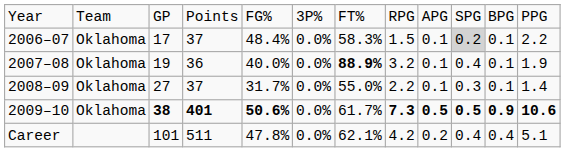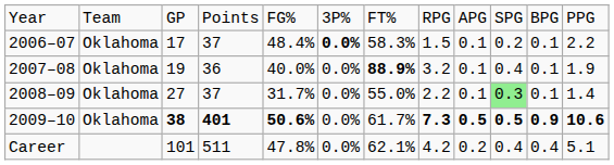 <table class="wikitable">
 <tr>
 <td>Year</td>
 <td>Team</td>
 <td>GP</td>
 <td>Points</td>
 <td>FG%</td>
 <td>3P%</td>
 <td>FT%</td>
 <td>RPG</td>
 <td>APG</td>
 <td>SPG</td>
 <td>BPG</td>
 <td>PPG</td>
 </tr>
 <tr>
 <td>2006–07</td>
 <td>Oklahoma</td>
 <td>17</td>
 <td>37</td>
 <td>48.4%</td>
-<td>0.0%</td>
+<td><strong>0.0%</strong></td>
 <td>58.3%</td>
 <td>1.5</td>
 <td>0.1</td>
-<td style="background: lightgrey;">0.2</td>
+<td>0.2</td>
 <td>0.1</td>
 <td>2.2</td>
 </tr>
 <tr>
 <td>2007–08</td>
 <td>Oklahoma</td>
 <td>19</td>
 <td>36</td>
 <td>40.0%</td>
 <td>0.0%</td>
 <td><strong>88.9%</strong></td>
 <td>3.2</td>
 <td>0.1</td>
 <td>0.4</td>
 <td>0.1</td>
 <td>1.9</td>
 </tr>
 <tr>
 <td>2008–09</td>
 <td>Oklahoma</td>
 <td>27</td>
 <td>37</td>
 <td>31.7%</td>
 <td>0.0%</td>
 <td>55.0%</td>
 <td>2.2</td>
 <td>0.1</td>
-<td>0.3</td>
+<td style="background: lightgreen;">0.3</td>
 <td>0.1</td>
 <td>1.4</td>
 </tr>
 <tr>
 <td>2009–10</td>
 <td>Oklahoma</td>
 <td><strong>38</strong></td>
 <td><strong>401</strong></td>
 <td><strong>50.6%</strong></td>
 <td>0.0%</td>
 <td>61.7%</td>
 <td><strong>7.3</strong></td>
 <td><strong>0.5</strong></td>
 <td><strong>0.5</strong></td>
 <td><strong>0.9</strong></td>
 <td><strong>10.6</strong></td>
 </tr>
 <tr>
 <td>Career</td>
 <td></td>
 <td>101</td>
 <td>511</td>
 <td>47.8%</td>
 <td>0.0%</td>
 <td>62.1%</td>
 <td>4.2</td>
 <td>0.2</td>
 <td>0.4</td>
 <td>0.4</td>
 <td>5.1</td>
 </tr>
 </table>
